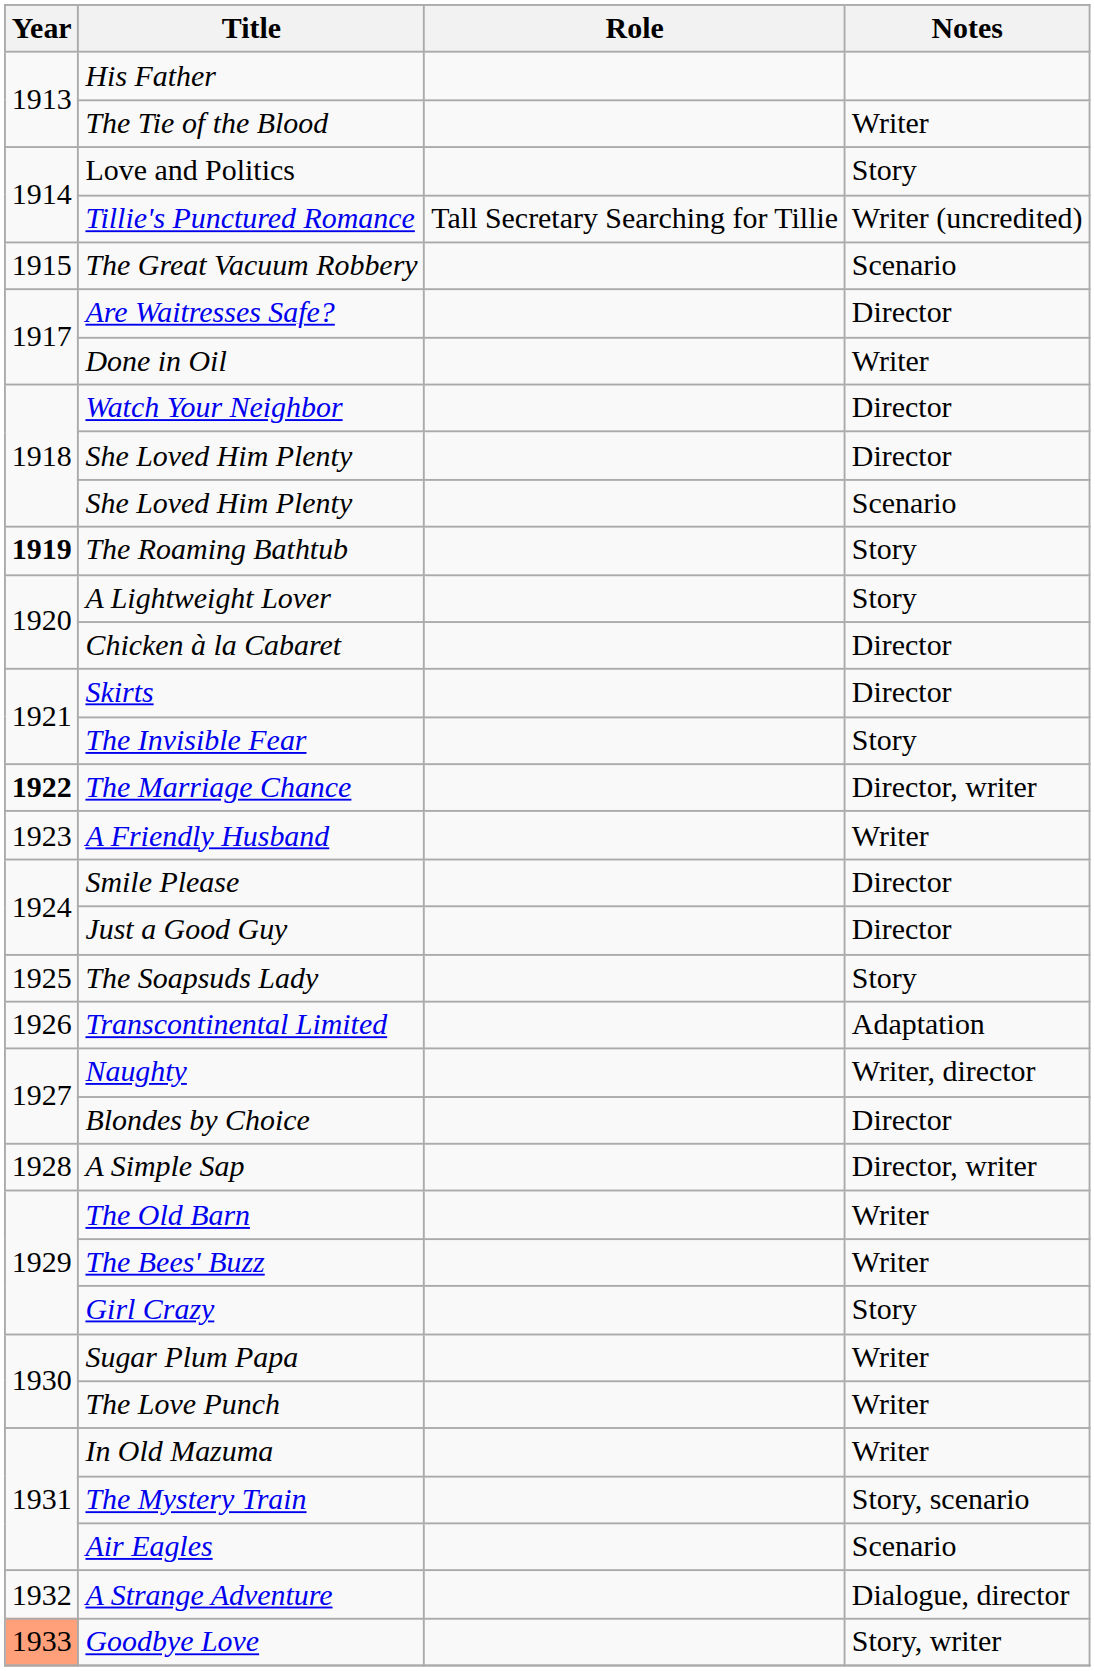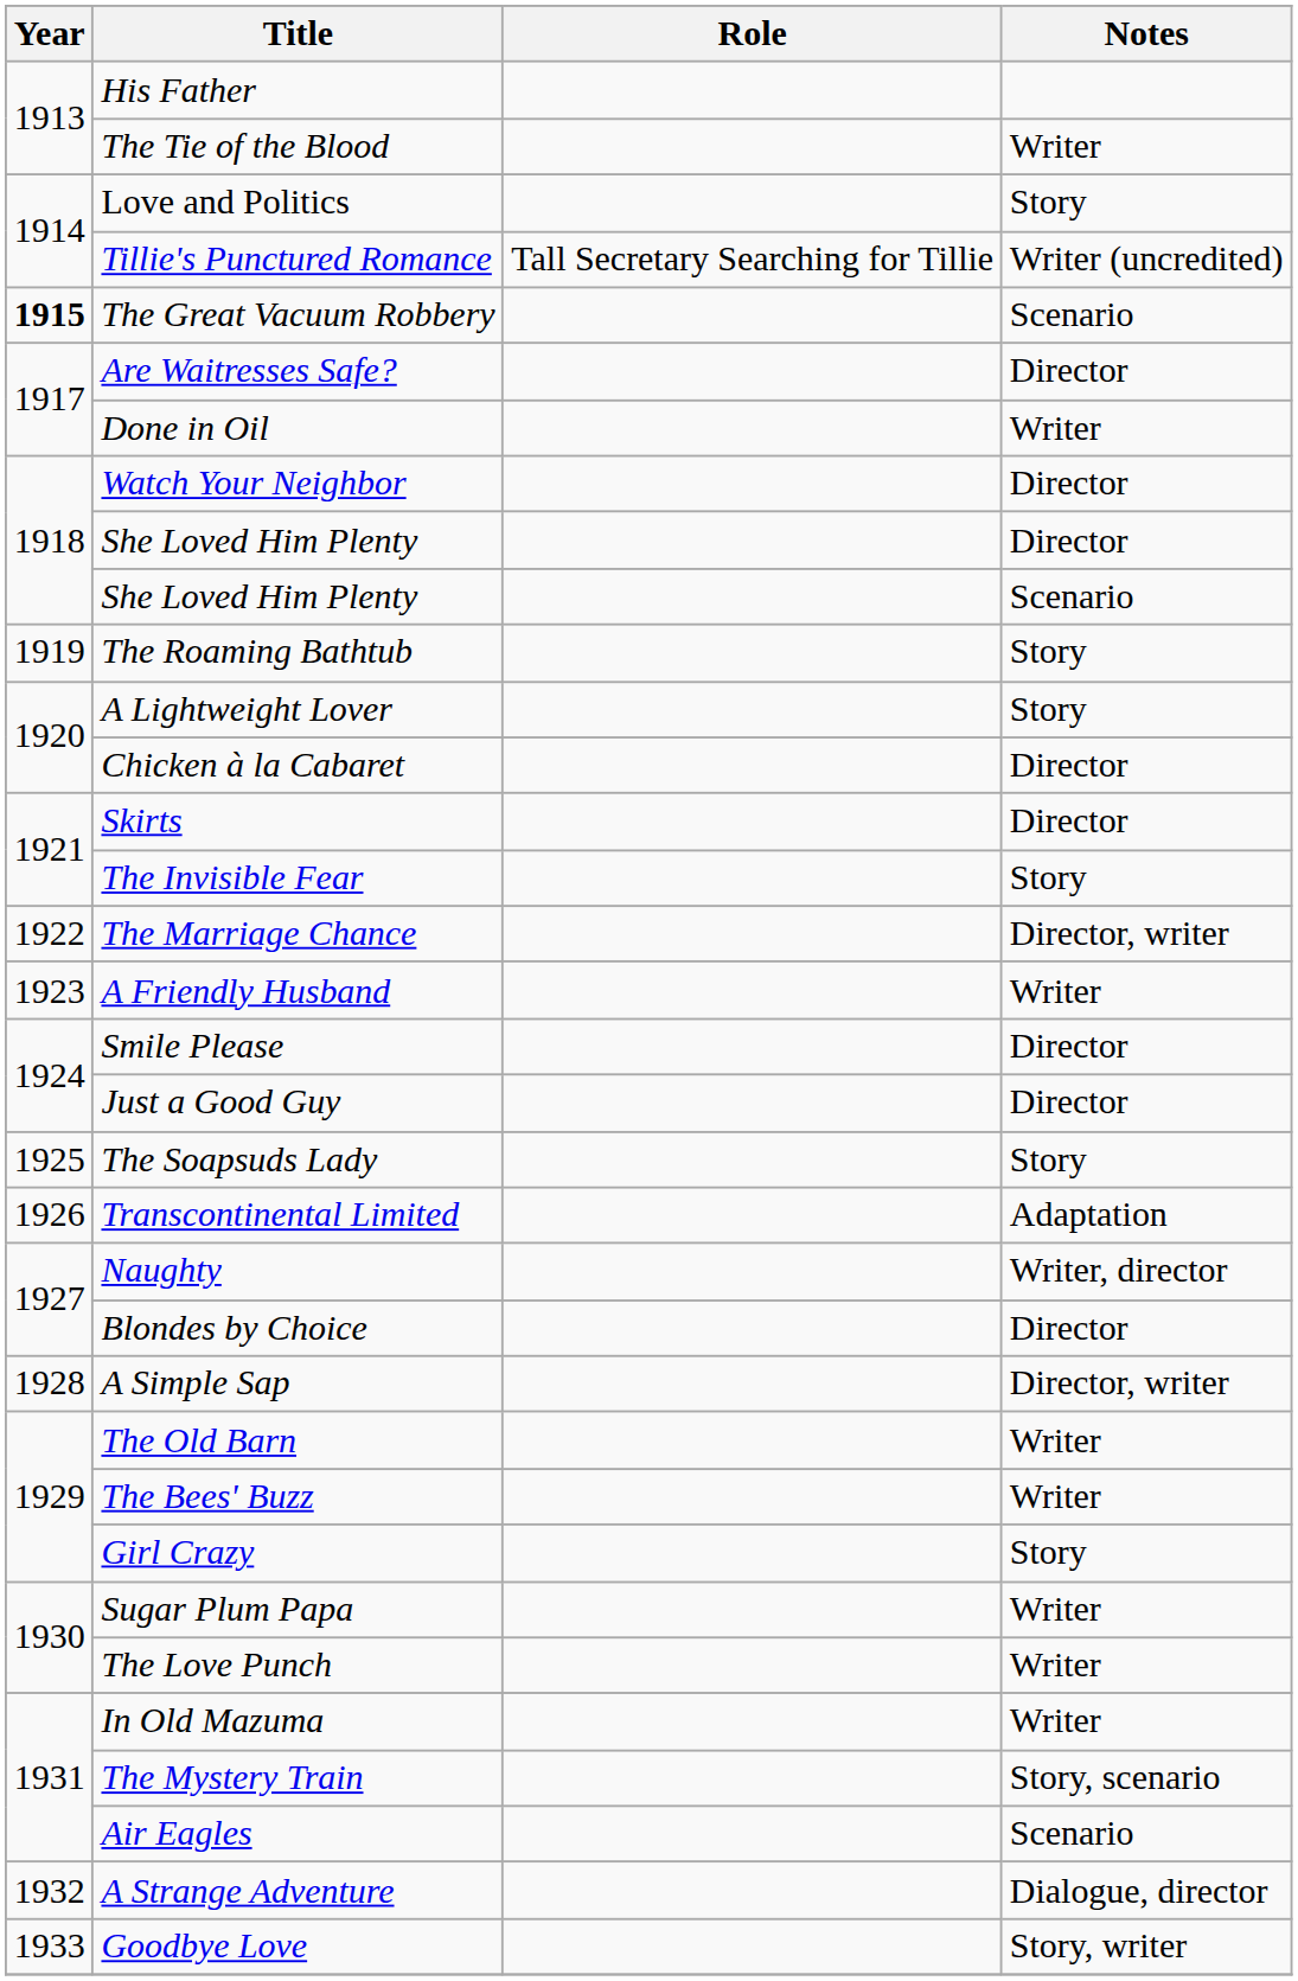 <table class="wikitable sortable">
 <tr>
 <th>Year</th>
 <th>Title</th>
 <th>Role</th>
 <th>Notes</th>
 </tr>
 <tr>
 <td rowspan=2>1913</td>
 <td><em>His Father</em></td>
 <td></td>
 <td></td>
 </tr>
 <tr>
 <td><em>The Tie of the Blood</em></td>
 <td></td>
 <td>Writer</td>
 </tr>
 <tr>
 <td rowspan=2>1914</td>
 <td>Love and Politics</td>
 <td></td>
 <td>Story</td>
 </tr>
 <tr>
 <td><em><a href='#'>Tillie's Punctured Romance</a></em></td>
 <td>Tall Secretary Searching for Tillie</td>
 <td>Writer (uncredited)</td>
 </tr>
 <tr>
-<td>1915</td>
+<td><strong>1915</strong></td>
 <td><em>The Great Vacuum Robbery</em></td>
 <td></td>
 <td>Scenario</td>
 </tr>
 <tr>
 <td rowspan=2>1917</td>
 <td><em><a href='#'>Are Waitresses Safe?</a></em></td>
 <td></td>
 <td>Director</td>
 </tr>
 <tr>
 <td><em>Done in Oil</em></td>
 <td></td>
 <td>Writer</td>
 </tr>
 <tr>
 <td rowspan=3>1918</td>
 <td><em><a href='#'>Watch Your Neighbor</a></em></td>
 <td></td>
 <td>Director</td>
 </tr>
 <tr>
 <td><em>She Loved Him Plenty</em></td>
 <td></td>
 <td>Director</td>
 </tr>
 <tr>
 <td><em>She Loved Him Plenty</em></td>
 <td></td>
 <td>Scenario</td>
 </tr>
 <tr>
-<td><strong>1919</strong></td>
+<td>1919</td>
 <td><em>The Roaming Bathtub</em></td>
 <td></td>
 <td>Story</td>
 </tr>
 <tr>
 <td rowspan=2>1920</td>
 <td><em>A Lightweight Lover</em></td>
 <td></td>
 <td>Story</td>
 </tr>
 <tr>
 <td><em>Chicken à la Cabaret</em></td>
 <td></td>
 <td>Director</td>
 </tr>
 <tr>
 <td rowspan=2>1921</td>
 <td><em><a href='#'>Skirts</a></em></td>
 <td></td>
 <td>Director</td>
 </tr>
 <tr>
 <td><em><a href='#'>The Invisible Fear</a></em></td>
 <td></td>
 <td>Story</td>
 </tr>
 <tr>
-<td><strong>1922</strong></td>
+<td>1922</td>
 <td><em><a href='#'>The Marriage Chance</a></em></td>
 <td></td>
 <td>Director, writer</td>
 </tr>
 <tr>
 <td>1923</td>
 <td><em><a href='#'>A Friendly Husband</a></em></td>
 <td></td>
 <td>Writer</td>
 </tr>
 <tr>
 <td rowspan=2>1924</td>
 <td><em>Smile Please</em></td>
 <td></td>
 <td>Director</td>
 </tr>
 <tr>
 <td><em>Just a Good Guy</em></td>
 <td></td>
 <td>Director</td>
 </tr>
 <tr>
 <td>1925</td>
 <td><em>The Soapsuds Lady</em></td>
 <td></td>
 <td>Story</td>
 </tr>
 <tr>
 <td>1926</td>
 <td><em><a href='#'>Transcontinental Limited</a></em></td>
 <td></td>
 <td>Adaptation</td>
 </tr>
 <tr>
 <td rowspan=2>1927</td>
 <td><em><a href='#'>Naughty</a></em></td>
 <td></td>
 <td>Writer, director</td>
 </tr>
 <tr>
 <td><em>Blondes by Choice</em></td>
 <td></td>
 <td>Director</td>
 </tr>
 <tr>
 <td>1928</td>
 <td><em>A Simple Sap</em></td>
 <td></td>
 <td>Director, writer</td>
 </tr>
 <tr>
 <td rowspan=3>1929</td>
 <td><em><a href='#'>The Old Barn</a></em></td>
 <td></td>
 <td>Writer</td>
 </tr>
 <tr>
 <td><em><a href='#'>The Bees' Buzz</a></em></td>
 <td></td>
 <td>Writer</td>
 </tr>
 <tr>
 <td><em><a href='#'>Girl Crazy</a></em></td>
 <td></td>
 <td>Story</td>
 </tr>
 <tr>
 <td rowspan=2>1930</td>
 <td><em>Sugar Plum Papa</em></td>
 <td></td>
 <td>Writer</td>
 </tr>
 <tr>
 <td><em>The Love Punch</em></td>
 <td></td>
 <td>Writer</td>
 </tr>
 <tr>
 <td rowspan=3>1931</td>
 <td><em>In Old Mazuma</em></td>
 <td></td>
 <td>Writer</td>
 </tr>
 <tr>
 <td><em><a href='#'>The Mystery Train</a></em></td>
 <td></td>
 <td>Story, scenario</td>
 </tr>
 <tr>
 <td><em><a href='#'>Air Eagles</a></em></td>
 <td></td>
 <td>Scenario</td>
 </tr>
 <tr>
 <td>1932</td>
 <td><em><a href='#'>A Strange Adventure</a></em></td>
 <td></td>
 <td>Dialogue, director</td>
 </tr>
 <tr>
-<td style="background: lightsalmon;">1933</td>
+<td>1933</td>
 <td><em><a href='#'>Goodbye Love</a></em></td>
 <td></td>
 <td>Story, writer</td>
 </tr>
 <tr>
 </tr>
 </table>
